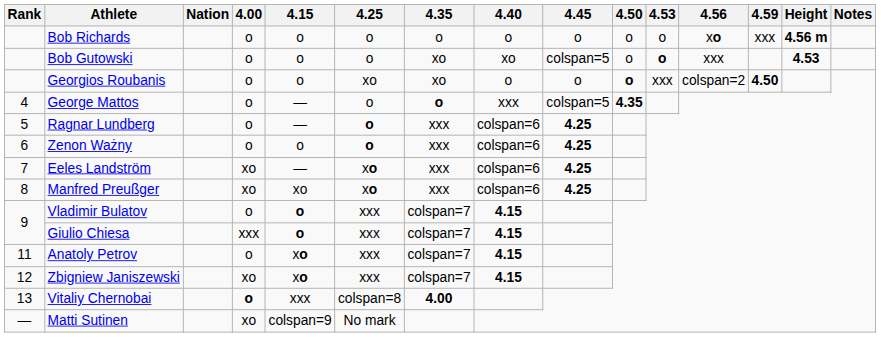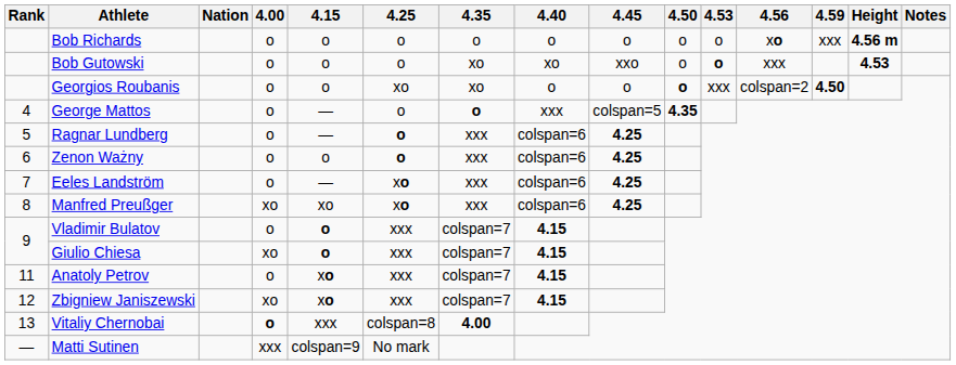 <table class="wikitable sortable" style="text-align:center">
 <tr>
 <th>Rank</th>
 <th>Athlete</th>
 <th>Nation</th>
 <th>4.00</th>
 <th>4.15</th>
 <th>4.25</th>
 <th>4.35</th>
 <th>4.40</th>
 <th>4.45</th>
 <th>4.50</th>
 <th>4.53</th>
 <th>4.56</th>
 <th>4.59</th>
 <th>Height</th>
 <th>Notes</th>
 </tr>
 <tr>
 <td></td>
 <td align=left><a href='#'>Bob Richards</a></td>
 <td align=left></td>
 <td>o</td>
 <td>o</td>
 <td>o</td>
 <td>o</td>
 <td>o</td>
 <td>o</td>
 <td>o</td>
 <td>o</td>
 <td>x<strong>o</strong></td>
 <td>xxx</td>
 <td><strong>4.56 m</strong></td>
 <td></td>
 </tr>
 <tr>
 <td></td>
 <td align=left><a href='#'>Bob Gutowski</a></td>
 <td align=left></td>
 <td>o</td>
 <td>o</td>
 <td>o</td>
 <td>xo</td>
 <td>xo</td>
-<td>colspan=5 </td>
+<td>xxo</td>
 <td>o</td>
 <td><strong>o</strong></td>
 <td>xxx</td>
 <td></td>
 <td><strong>4.53</strong></td>
 <td></td>
 </tr>
 <tr>
 <td></td>
 <td align=left><a href='#'>Georgios Roubanis</a></td>
 <td align=left></td>
 <td>o</td>
 <td>o</td>
 <td>xo</td>
 <td>xo</td>
 <td>o</td>
 <td>o</td>
 <td><strong>o</strong></td>
 <td>xxx</td>
 <td>colspan=2 </td>
 <td><strong>4.50</strong></td>
 <td></td>
 </tr>
 <tr>
 <td>4</td>
 <td align=left><a href='#'>George Mattos</a></td>
 <td align=left></td>
 <td>o</td>
 <td>—</td>
 <td>o</td>
 <td><strong>o</strong></td>
 <td>xxx</td>
 <td>colspan=5 </td>
 <td><strong>4.35</strong></td>
 <td></td>
 </tr>
 <tr>
 <td>5</td>
 <td align=left><a href='#'>Ragnar Lundberg</a></td>
 <td align=left></td>
 <td>o</td>
 <td>—</td>
 <td><strong>o</strong></td>
 <td>xxx</td>
 <td>colspan=6 </td>
 <td><strong>4.25</strong></td>
 <td></td>
 </tr>
 <tr>
 <td>6</td>
 <td align=left><a href='#'>Zenon Ważny</a></td>
 <td align=left></td>
 <td>o</td>
 <td>o</td>
 <td><strong>o</strong></td>
 <td>xxx</td>
 <td>colspan=6 </td>
 <td><strong>4.25</strong></td>
 <td></td>
 </tr>
 <tr>
 <td>7</td>
 <td align=left><a href='#'>Eeles Landström</a></td>
 <td align=left></td>
-<td>xo</td>
+<td>o</td>
 <td>—</td>
 <td>x<strong>o</strong></td>
 <td>xxx</td>
 <td>colspan=6 </td>
 <td><strong>4.25</strong></td>
 <td></td>
 </tr>
 <tr>
 <td>8</td>
 <td align=left><a href='#'>Manfred Preußger</a></td>
 <td align=left></td>
 <td>xo</td>
 <td>xo</td>
 <td>x<strong>o</strong></td>
 <td>xxx</td>
 <td>colspan=6 </td>
 <td><strong>4.25</strong></td>
 <td></td>
 </tr>
 <tr>
 <td rowspan=2>9</td>
 <td align=left><a href='#'>Vladimir Bulatov</a></td>
 <td align=left></td>
 <td>o</td>
 <td><strong>o</strong></td>
 <td>xxx</td>
 <td>colspan=7 </td>
 <td><strong>4.15</strong></td>
 <td></td>
 </tr>
 <tr>
 <td align=left><a href='#'>Giulio Chiesa</a></td>
 <td align=left></td>
-<td>xxx</td>
+<td>xo</td>
 <td><strong>o</strong></td>
 <td>xxx</td>
 <td>colspan=7 </td>
 <td><strong>4.15</strong></td>
 <td></td>
 </tr>
 <tr>
 <td>11</td>
 <td align=left><a href='#'>Anatoly Petrov</a></td>
 <td align=left></td>
 <td>o</td>
 <td>x<strong>o</strong></td>
 <td>xxx</td>
 <td>colspan=7 </td>
 <td><strong>4.15</strong></td>
 <td></td>
 </tr>
 <tr>
 <td>12</td>
 <td align=left><a href='#'>Zbigniew Janiszewski</a></td>
 <td align=left></td>
 <td>xo</td>
 <td>x<strong>o</strong></td>
 <td>xxx</td>
 <td>colspan=7 </td>
 <td><strong>4.15</strong></td>
 <td></td>
 </tr>
 <tr>
 <td>13</td>
 <td align=left><a href='#'>Vitaliy Chernobai</a></td>
 <td align=left></td>
 <td><strong>o</strong></td>
 <td>xxx</td>
 <td>colspan=8 </td>
 <td><strong>4.00</strong></td>
 <td></td>
 </tr>
 <tr>
 <td data-sort-value=14>—</td>
 <td align=left><a href='#'>Matti Sutinen</a></td>
 <td align=left></td>
-<td>xo</td>
+<td>xxx</td>
 <td>colspan=9 </td>
 <td data-sort-value=1.00>No mark</td>
 <td></td>
 </tr>
 </table>
